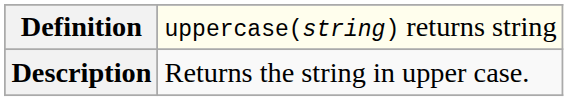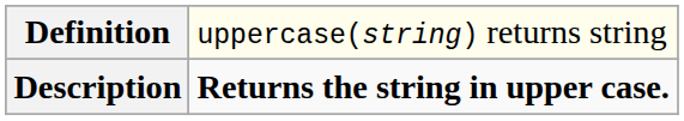 <table class="wikitable">
 <tr style="background:#fffeed;">
 <th>Definition</th>
 <td><code>uppercase(<em>string</em>)</code> returns string</td>
 </tr>
 <tr>
 <th>Description</th>
-<td>Returns the string in upper case.</td>
+<td><strong>Returns the string in upper case.</strong></td>
 </tr>
 </table>
